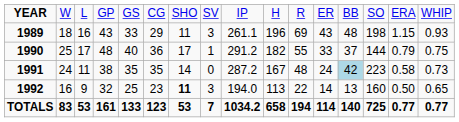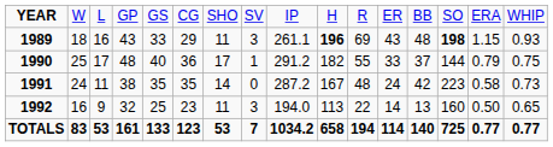 <table class="wikitable">
 <tr align=center>
 <td><strong>YEAR</strong></td>
 <td><a href='#'>W</a></td>
 <td><a href='#'>L</a></td>
 <td><a href='#'>GP</a></td>
 <td><a href='#'>GS</a></td>
 <td><a href='#'>CG</a></td>
 <td><a href='#'>SHO</a></td>
 <td><a href='#'>SV</a></td>
 <td><a href='#'>IP</a></td>
 <td><a href='#'>H</a></td>
 <td><a href='#'>R</a></td>
 <td><a href='#'>ER</a></td>
 <td><a href='#'>BB</a></td>
 <td><a href='#'>SO</a></td>
 <td><a href='#'>ERA</a></td>
 <td><a href='#'>WHIP</a></td>
 </tr>
 <tr align=center>
 <td><strong>1989</strong></td>
 <td>18</td>
 <td>16</td>
 <td>43</td>
 <td>33</td>
 <td>29</td>
 <td>11</td>
 <td>3</td>
 <td>261.1</td>
-<td>196</td>
+<td><strong>196</strong></td>
 <td>69</td>
 <td>43</td>
 <td>48</td>
-<td>198</td>
+<td><strong>198</strong></td>
 <td>1.15</td>
 <td>0.93</td>
 </tr>
 <tr align=center>
 <td><strong>1990</strong></td>
 <td>25</td>
 <td>17</td>
 <td>48</td>
 <td>40</td>
 <td>36</td>
 <td>17</td>
 <td>1</td>
 <td>291.2</td>
 <td>182</td>
 <td>55</td>
 <td>33</td>
 <td>37</td>
 <td>144</td>
 <td>0.79</td>
 <td>0.75</td>
 </tr>
 <tr align=center>
 <td><strong>1991</strong></td>
 <td>24</td>
 <td>11</td>
 <td>38</td>
 <td>35</td>
 <td>35</td>
 <td>14</td>
 <td>0</td>
 <td>287.2</td>
 <td>167</td>
 <td>48</td>
 <td>24</td>
-<td style="background: lightblue;">42</td>
+<td>42</td>
 <td>223</td>
 <td>0.58</td>
 <td>0.73</td>
 </tr>
 <tr align=center>
 <td><strong>1992</strong></td>
 <td>16</td>
 <td>9</td>
 <td>32</td>
 <td>25</td>
 <td>23</td>
-<td><strong>11</strong></td>
+<td>11</td>
 <td>3</td>
 <td>194.0</td>
 <td>113</td>
 <td>22</td>
 <td>14</td>
 <td>13</td>
 <td>160</td>
 <td>0.50</td>
 <td>0.65</td>
 </tr>
 <tr align=center>
 <td><strong>TOTALS</strong></td>
 <td><strong>83</strong></td>
 <td><strong>53</strong></td>
 <td><strong>161</strong></td>
 <td><strong>133</strong></td>
 <td><strong>123</strong></td>
 <td><strong>53</strong></td>
 <td><strong>7</strong></td>
 <td><strong>1034.2</strong></td>
 <td><strong>658</strong></td>
 <td><strong>194</strong></td>
 <td><strong>114</strong></td>
 <td><strong>140</strong></td>
 <td><strong>725</strong></td>
 <td><strong>0.77</strong></td>
 <td><strong>0.77</strong></td>
 </tr>
 </table>
